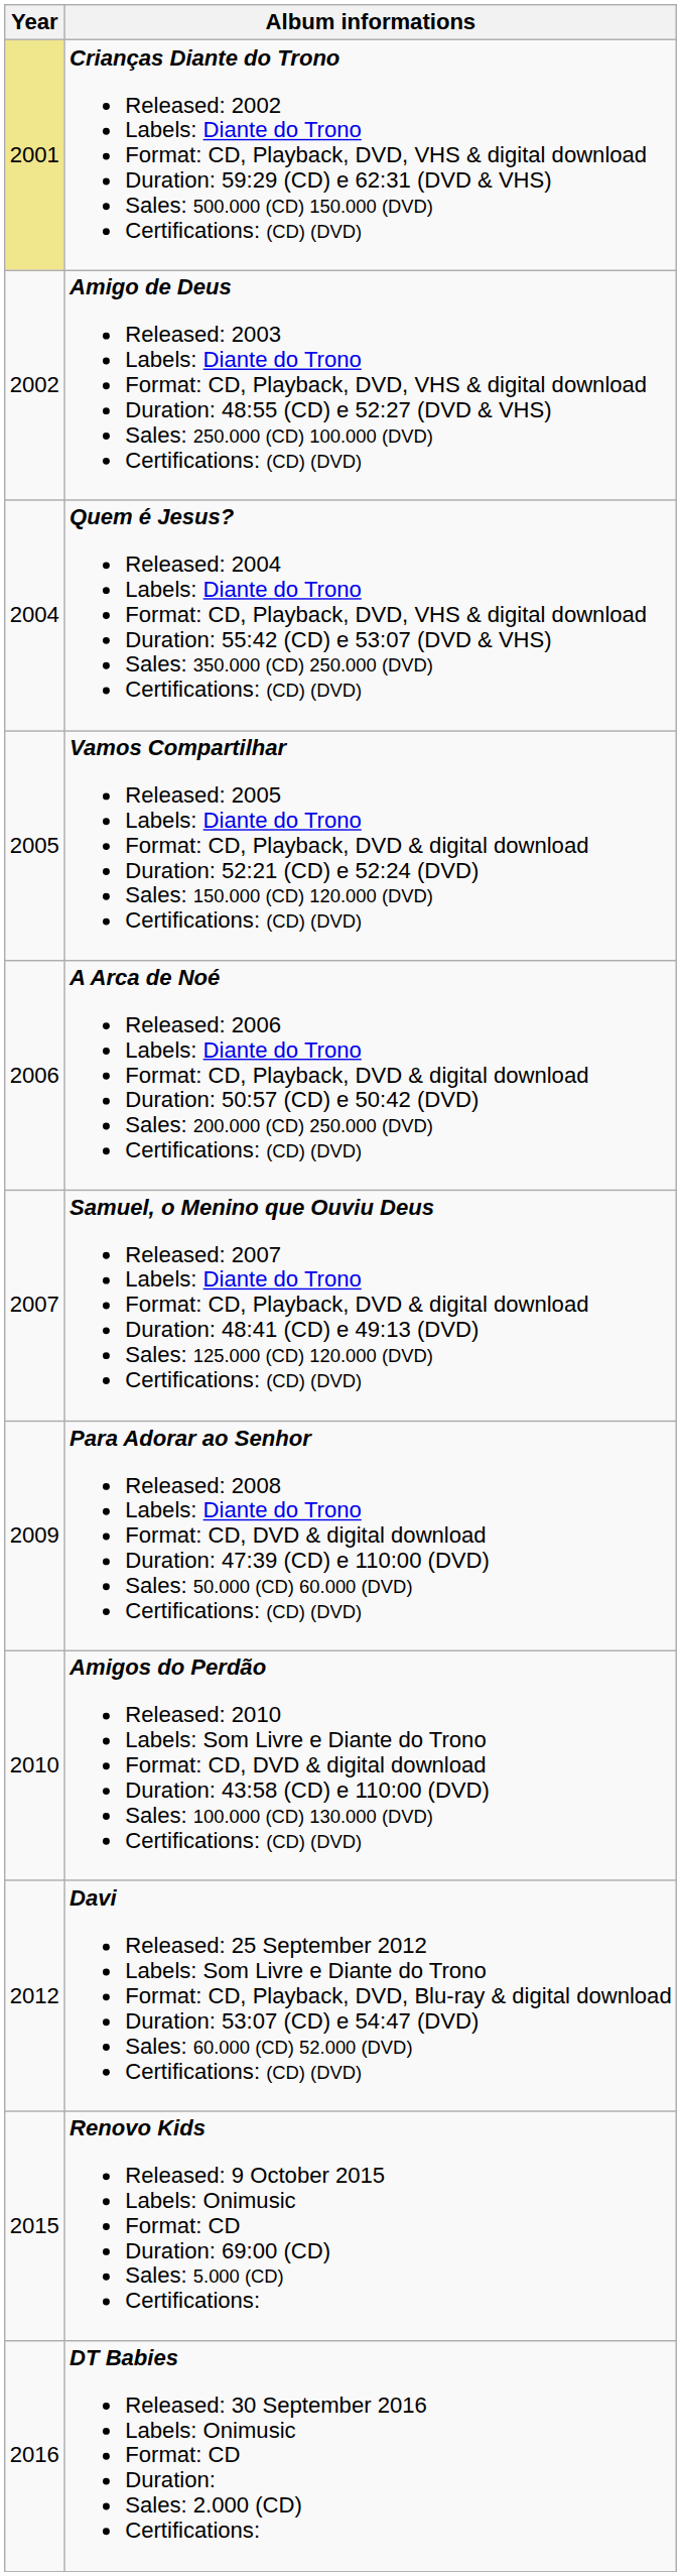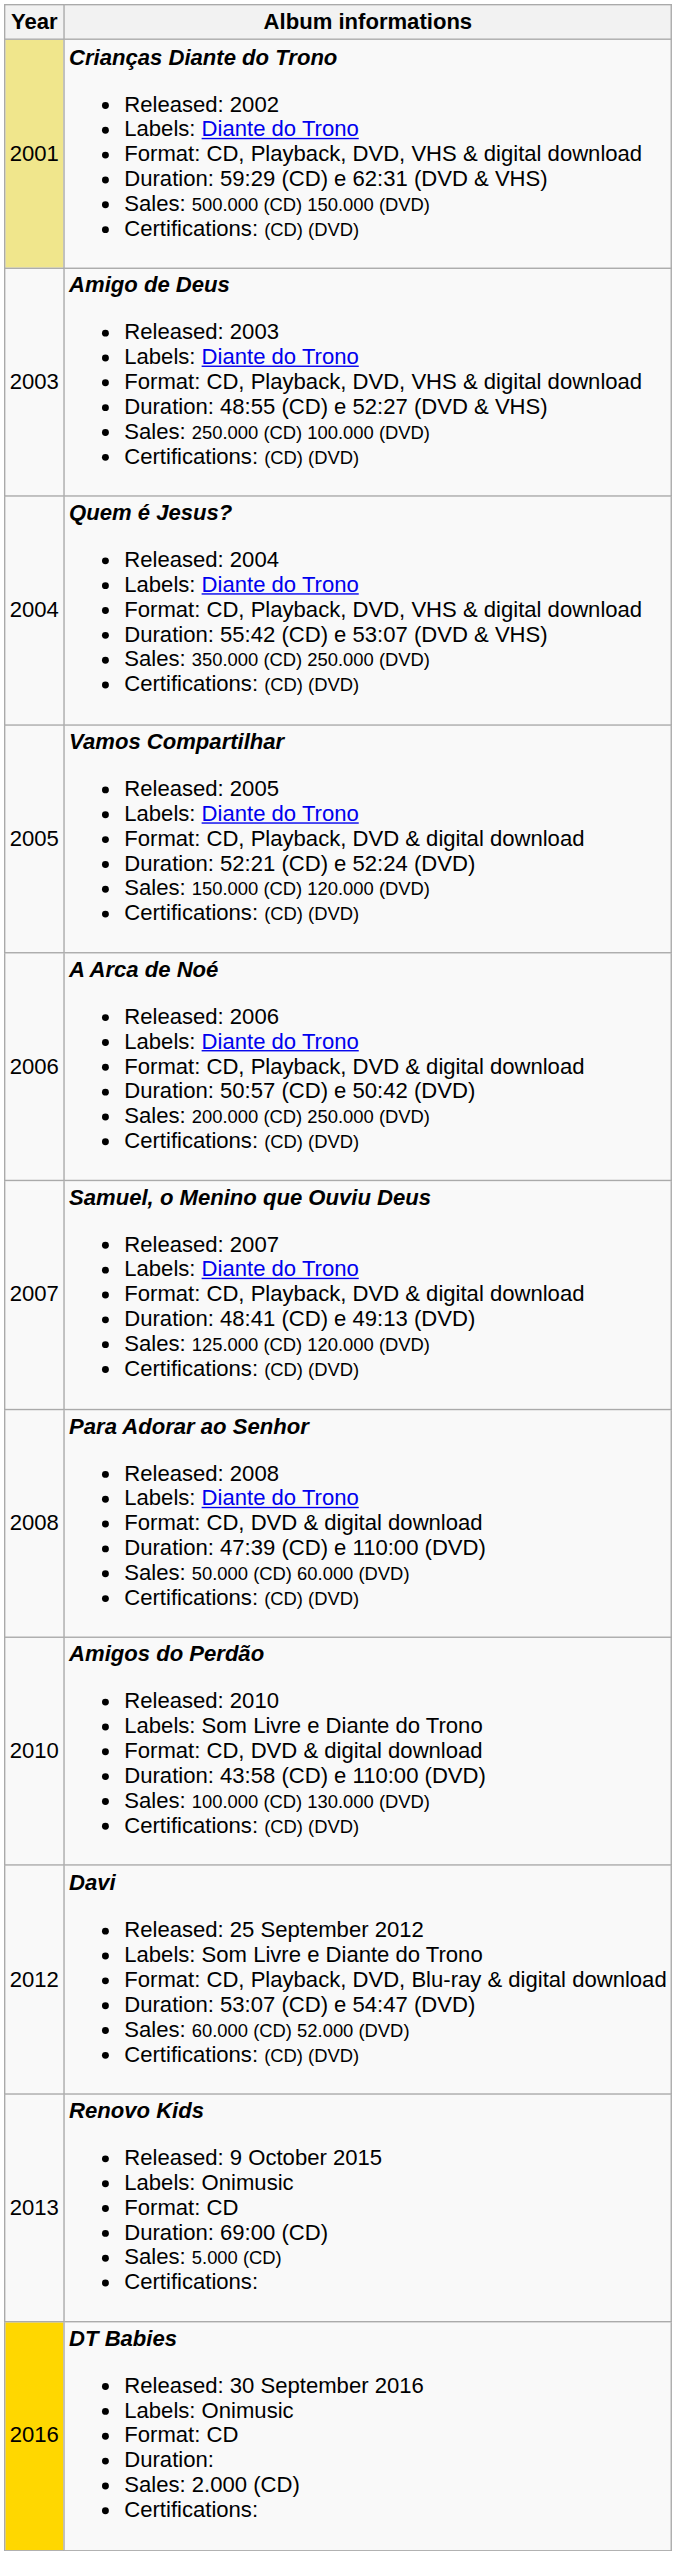 <table class="wikitable">
 <tr>
 <th>Year</th>
 <th>Album informations</th>
 </tr>
 <tr>
 <td style="background: khaki;">2001</td>
 <td><strong><em>Crianças Diante do Trono</em></strong><br><ul><li>Released: 2002</li><li>Labels: <a href='#'>Diante do Trono</a></li><li>Format: CD, Playback, DVD, VHS & digital download</li><li>Duration: 59:29 (CD) e 62:31 (DVD & VHS)</li><li>Sales: <small>500.000 (CD) 150.000 (DVD)</small></li><li>Certifications: <small> (CD)  (DVD)</small></li></ul></td>
 </tr>
 <tr>
-<td>2002</td>
+<td>2003</td>
 <td><strong><em>Amigo de Deus</em></strong><br><ul><li>Released: 2003</li><li>Labels: <a href='#'>Diante do Trono</a></li><li>Format: CD, Playback, DVD, VHS & digital download</li><li>Duration: 48:55 (CD) e 52:27 (DVD & VHS)</li><li>Sales: <small>250.000 (CD) 100.000 (DVD)</small></li><li>Certifications: <small> (CD)  (DVD)</small></li></ul></td>
 </tr>
 <tr>
 <td>2004</td>
 <td><strong><em>Quem é Jesus?</em></strong><br><ul><li>Released: 2004</li><li>Labels: <a href='#'>Diante do Trono</a></li><li>Format: CD, Playback, DVD, VHS & digital download</li><li>Duration: 55:42 (CD) e 53:07 (DVD & VHS)</li><li>Sales: <small>350.000 (CD) 250.000 (DVD)</small></li><li>Certifications: <small> (CD)  (DVD)</small></li></ul></td>
 </tr>
 <tr>
 <td>2005</td>
 <td><strong><em>Vamos Compartilhar</em></strong><br><ul><li>Released: 2005</li><li>Labels: <a href='#'>Diante do Trono</a></li><li>Format: CD, Playback, DVD & digital download</li><li>Duration: 52:21 (CD) e 52:24 (DVD)</li><li>Sales: <small>150.000 (CD) 120.000 (DVD)</small></li><li>Certifications: <small> (CD)  (DVD)</small></li></ul></td>
 </tr>
 <tr>
 <td>2006</td>
 <td><strong><em>A Arca de Noé</em></strong><br><ul><li>Released: 2006</li><li>Labels: <a href='#'>Diante do Trono</a></li><li>Format: CD, Playback, DVD & digital download</li><li>Duration: 50:57 (CD) e 50:42 (DVD)</li><li>Sales: <small>200.000 (CD) 250.000 (DVD)</small></li><li>Certifications: <small> (CD)  (DVD)</small></li></ul></td>
 </tr>
 <tr>
 <td>2007</td>
 <td><strong><em>Samuel, o Menino que Ouviu Deus</em></strong><br><ul><li>Released: 2007</li><li>Labels: <a href='#'>Diante do Trono</a></li><li>Format: CD, Playback, DVD & digital download</li><li>Duration: 48:41 (CD) e 49:13 (DVD)</li><li>Sales: <small>125.000 (CD) 120.000 (DVD)</small></li><li>Certifications: <small> (CD)  (DVD)</small></li></ul></td>
 </tr>
 <tr>
-<td>2009</td>
+<td>2008</td>
 <td><strong><em>Para Adorar ao Senhor</em></strong><br><ul><li>Released: 2008</li><li>Labels: <a href='#'>Diante do Trono</a></li><li>Format: CD, DVD & digital download</li><li>Duration: 47:39 (CD) e 110:00 (DVD)</li><li>Sales: <small>50.000 (CD) 60.000 (DVD)</small></li><li>Certifications: <small> (CD)  (DVD)</small></li></ul></td>
 </tr>
 <tr>
 <td>2010</td>
 <td><strong><em>Amigos do Perdão</em></strong><br><ul><li>Released: 2010</li><li>Labels: Som Livre e Diante do Trono</li><li>Format: CD, DVD & digital download</li><li>Duration: 43:58 (CD) e 110:00 (DVD)</li><li>Sales: <small>100.000 (CD) 130.000 (DVD)</small></li><li>Certifications: <small> (CD)  (DVD)</small></li></ul></td>
 </tr>
 <tr>
 <td>2012</td>
 <td><strong><em>Davi</em></strong><br><ul><li>Released: 25 September 2012</li><li>Labels: Som Livre e Diante do Trono</li><li>Format: CD, Playback, DVD, Blu-ray & digital download</li><li>Duration: 53:07 (CD) e 54:47 (DVD)</li><li>Sales: <small>60.000 (CD) 52.000 (DVD)</small></li><li>Certifications: <small> (CD)  (DVD)</small></li></ul></td>
 </tr>
 <tr>
-<td>2015</td>
+<td>2013</td>
 <td><strong><em>Renovo Kids</em></strong><br><ul><li>Released: 9 October 2015</li><li>Labels: Onimusic</li><li>Format: CD</li><li>Duration: 69:00 (CD)</li><li>Sales: <small>5.000 (CD)</small></li><li>Certifications:</li></ul></td>
 </tr>
 <tr>
-<td>2016</td>
+<td style="background: gold;">2016</td>
 <td><strong><em>DT Babies</em></strong><br><ul><li>Released: 30 September 2016</li><li>Labels: Onimusic</li><li>Format: CD</li><li>Duration:</li><li>Sales: 2.000 (CD)</li><li>Certifications:</li></ul></td>
 </tr>
 </table>
